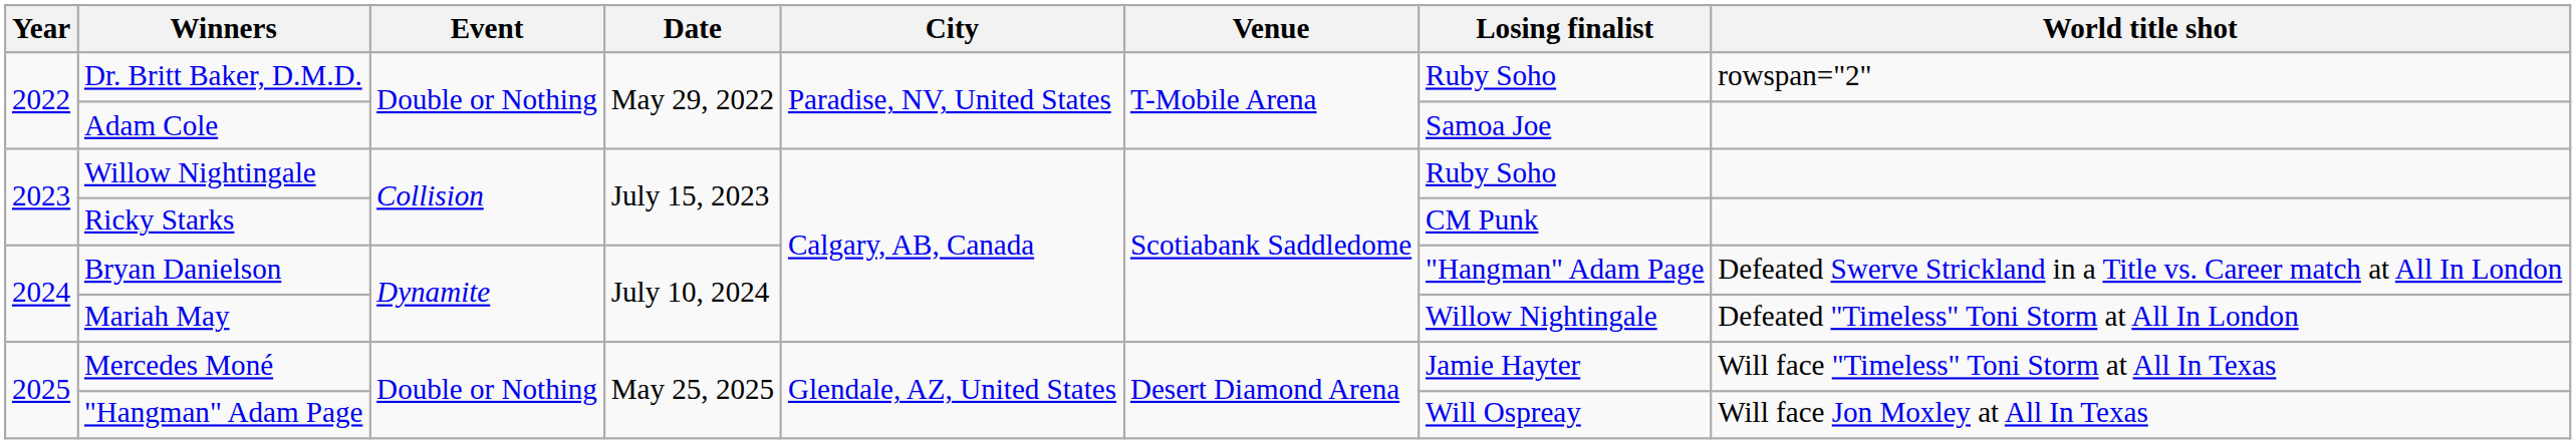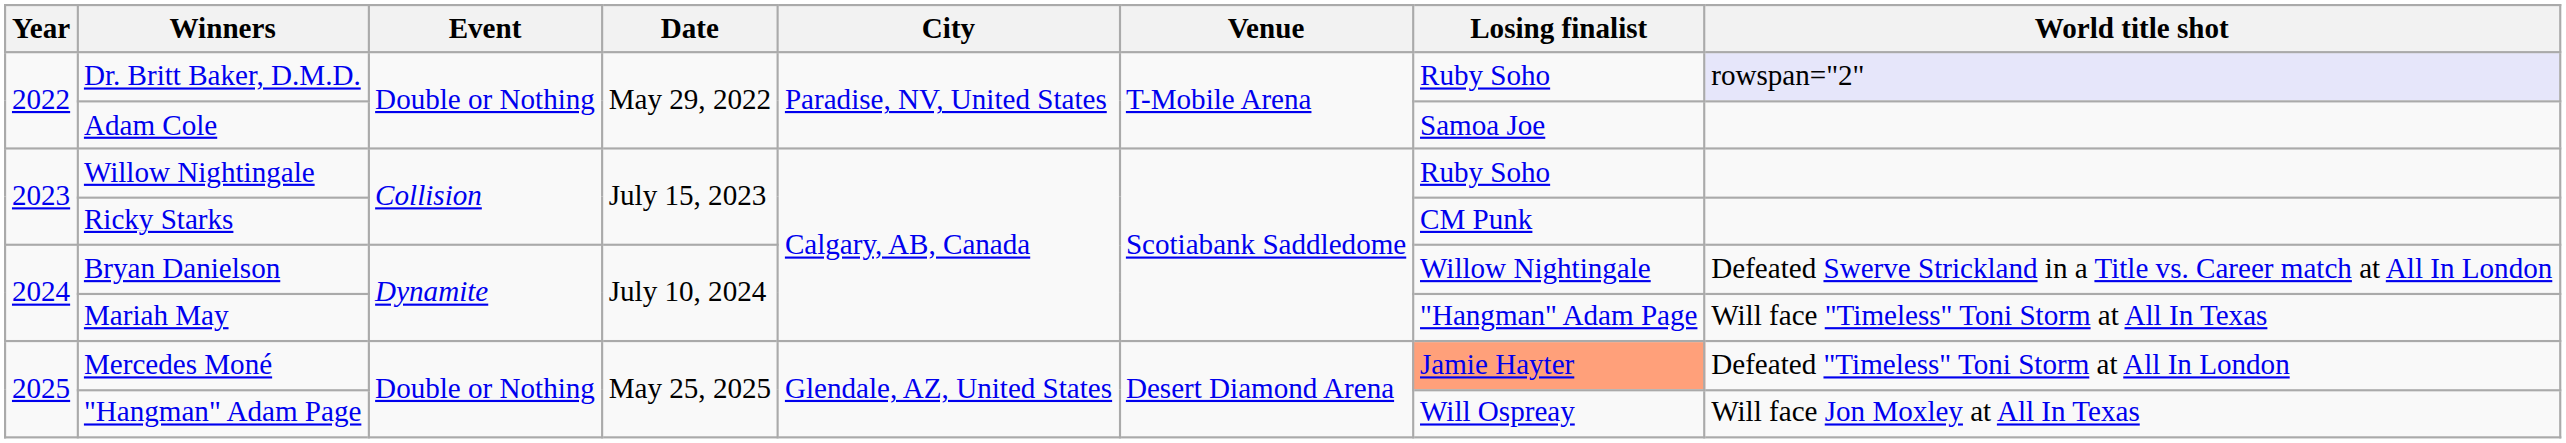 <table class="wikitable" style="font-size:85%;">
 <tr>
 <th>Year</th>
 <th>Winners</th>
 <th>Event</th>
 <th>Date</th>
 <th>City</th>
 <th>Venue</th>
 <th>Losing finalist</th>
 <th>World title shot</th>
 </tr>
 <tr>
 <td rowspan=2><a href='#'>2022</a></td>
 <td><a href='#'>Dr. Britt Baker, D.M.D.</a></td>
 <td rowspan=2><a href='#'>Double or Nothing</a></td>
 <td rowspan=2>May 29, 2022</td>
 <td rowspan=2><a href='#'>Paradise, NV, United States</a></td>
 <td rowspan=2><a href='#'>T-Mobile Arena</a></td>
 <td><a href='#'>Ruby Soho</a></td>
-<td>rowspan="2" </td>
+<td style="background: lavender;">rowspan="2" </td>
 </tr>
 <tr>
 <td><a href='#'>Adam Cole</a></td>
 <td><a href='#'>Samoa Joe</a></td>
 </tr>
 <tr>
 <td rowspan=2><a href='#'>2023</a></td>
 <td><a href='#'>Willow Nightingale</a></td>
 <td rowspan=2><em><a href='#'>Collision</a></em></td>
 <td rowspan=2>July 15, 2023</td>
 <td rowspan="4"><a href='#'>Calgary, AB, Canada</a></td>
 <td rowspan="4"><a href='#'>Scotiabank Saddledome</a></td>
 <td><a href='#'>Ruby Soho</a></td>
 <td></td>
 </tr>
 <tr>
 <td><a href='#'>Ricky Starks</a></td>
 <td><a href='#'>CM Punk</a></td>
 <td></td>
 </tr>
 <tr>
 <td rowspan=2><a href='#'>2024</a></td>
 <td><a href='#'>Bryan Danielson</a></td>
 <td rowspan=2><em><a href='#'>Dynamite</a></em></td>
 <td rowspan=2>July 10, 2024</td>
-<td><a href='#'>"Hangman" Adam Page</a></td>
+<td><a href='#'>Willow Nightingale</a></td>
 <td>Defeated <a href='#'>Swerve Strickland</a> in a <a href='#'>Title vs. Career match</a> at <a href='#'>All In London</a></td>
 </tr>
 <tr>
 <td><a href='#'>Mariah May</a></td>
-<td><a href='#'>Willow Nightingale</a></td>
-<td>Defeated <a href='#'>"Timeless" Toni Storm</a> at <a href='#'>All In London</a></td>
+<td><a href='#'>"Hangman" Adam Page</a></td>
+<td>Will face <a href='#'>"Timeless" Toni Storm</a> at <a href='#'>All In Texas</a></td>
 </tr>
 <tr>
 <td rowspan="2"><a href='#'>2025</a></td>
 <td><a href='#'>Mercedes Moné</a></td>
 <td rowspan="2"><a href='#'>Double or Nothing</a></td>
 <td rowspan="2">May 25, 2025</td>
 <td rowspan="2"><a href='#'>Glendale, AZ, United States</a></td>
 <td rowspan="2"><a href='#'>Desert Diamond Arena</a></td>
-<td><a href='#'>Jamie Hayter</a></td>
-<td>Will face <a href='#'>"Timeless" Toni Storm</a> at <a href='#'>All In Texas</a></td>
+<td style="background: lightsalmon;"><a href='#'>Jamie Hayter</a></td>
+<td>Defeated <a href='#'>"Timeless" Toni Storm</a> at <a href='#'>All In London</a></td>
 </tr>
 <tr>
 <td><a href='#'>"Hangman" Adam Page</a></td>
 <td><a href='#'>Will Ospreay</a></td>
 <td>Will face <a href='#'>Jon Moxley</a> at <a href='#'>All In Texas</a></td>
 </tr>
 </table>
